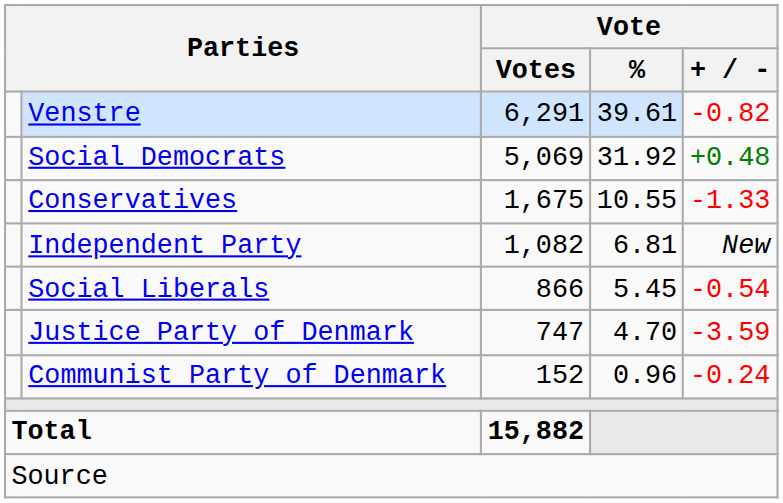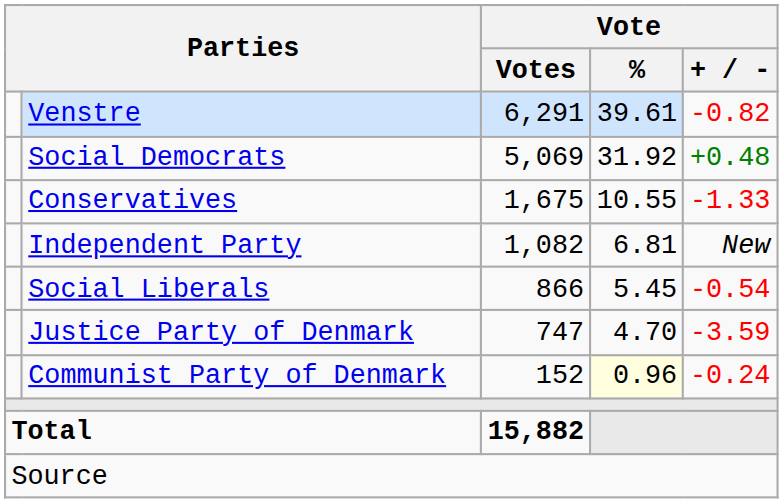 <table class="wikitable" style="text-align:right;">
 <tr>
 <th style="text-align:centre;" rowspan="2" colspan="2" width="225">Parties</th>
 <th colspan="3">Vote</th>
 </tr>
 <tr>
 <th width="15">Votes</th>
 <th width="15">%</th>
 <th width="15">+ / -</th>
 </tr>
 <tr>
 <td width="2" style="color:inherit;background:"></td>
 <td bgcolor=#cfe5fe  align="left"><a href='#'>Venstre</a></td>
 <td bgcolor=#cfe5fe>6,291</td>
 <td bgcolor=#cfe5fe>39.61</td>
 <td style=color:red;>-0.82</td>
 </tr>
 <tr>
 <td width="2" style="color:inherit;background:"></td>
 <td align="left"><a href='#'>Social Democrats</a></td>
 <td>5,069</td>
 <td>31.92</td>
 <td style=color:green;>+0.48</td>
 </tr>
 <tr>
 <td width="2" style="color:inherit;background:"></td>
 <td align="left"><a href='#'>Conservatives</a></td>
 <td>1,675</td>
 <td>10.55</td>
 <td style=color:red;>-1.33</td>
 </tr>
 <tr>
 <td width="2" style="color:inherit;background:"></td>
 <td align="left"><a href='#'>Independent Party</a></td>
 <td>1,082</td>
 <td>6.81</td>
 <td><em>New</em></td>
 </tr>
 <tr>
 <td width="2" style="color:inherit;background:"></td>
 <td align="left"><a href='#'>Social Liberals</a></td>
 <td>866</td>
 <td>5.45</td>
 <td style=color:red;>-0.54</td>
 </tr>
 <tr>
 <td width="2" style="color:inherit;background:"></td>
 <td align="left"><a href='#'>Justice Party of Denmark</a></td>
 <td>747</td>
 <td>4.70</td>
 <td style=color:red;>-3.59</td>
 </tr>
 <tr>
 <td width="2" style="color:inherit;background:"></td>
 <td align="left"><a href='#'>Communist Party of Denmark</a></td>
 <td>152</td>
-<td>0.96</td>
+<td style="background: lightyellow;">0.96</td>
 <td style=color:red;>-0.24</td>
 </tr>
 <tr>
 <td colspan="7" bgcolor="#E9E9E9"></td>
 </tr>
 <tr>
 <td align="left" colspan="2"><strong>Total</strong></td>
 <td><strong>15,882</strong></td>
 <td bgcolor="#E9E9E9" colspan="2"></td>
 </tr>
 <tr>
 <td align="left" colspan="6">Source</td>
 </tr>
 </table>
